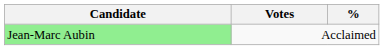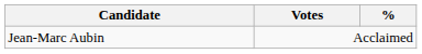 <table style="width:475px;" class="wikitable">
 <tr>
 <th align="center">Candidate</th>
 <th align="center">Votes</th>
 <th align="center">%</th>
 </tr>
 <tr>
-<td align="left" style="background: lightgreen;">Jean-Marc Aubin</td>
+<td align="left">Jean-Marc Aubin</td>
 <td align="right" colspan="2" align="center">Acclaimed</td>
 </tr>
 </table>
